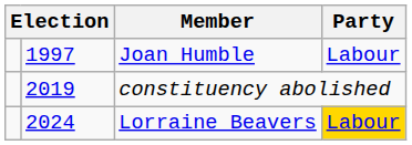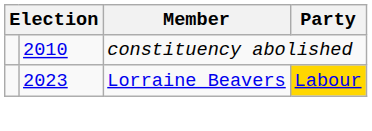 <table class="wikitable">
 <tr>
 <th colspan="2">Election</th>
 <th>Member</th>
 <th>Party</th>
 </tr>
 <tr>
-<td style="color:inherit;background-color: "></td>
-<td><a href='#'>1997</a></td>
-<td><a href='#'>Joan Humble</a></td>
-<td><a href='#'>Labour</a></td>
-</tr>
-<tr>
 <td></td>
-<td><a href='#'>2019</a></td>
+<td><a href='#'>2010</a></td>
 <td colspan="2"><em>constituency abolished</em></td>
 </tr>
 <tr>
 <td style="color:inherit;background-color: "></td>
-<td><a href='#'>2024</a></td>
+<td><a href='#'>2023</a></td>
 <td><a href='#'>Lorraine Beavers</a></td>
 <td style="background: gold;"><a href='#'>Labour</a></td>
 </tr>
 </table>
